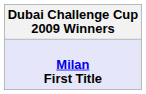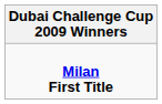 <table class="wikitable" style="text-align: center; margin: 0 auto;">
 <tr>
 <th>Dubai Challenge Cup<br>2009 Winners</th>
 </tr>
 <tr>
-<td style="background: lavender;"><br><strong><a href='#'>Milan</a></strong><br><strong>First Title</strong></td>
+<td><br><strong><a href='#'>Milan</a></strong><br><strong>First Title</strong></td>
 </tr>
 </table>
